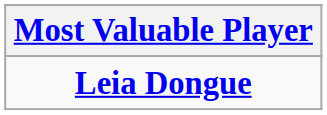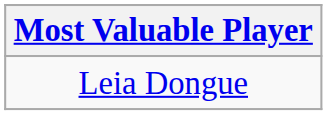 <table class=wikitable style="text-align:center; margin:auto">
 <tr>
 <th><a href='#'>Most Valuable Player</a></th>
 </tr>
 <tr>
-<td><strong> <a href='#'>Leia Dongue</a></strong></td>
+<td> <a href='#'>Leia Dongue</a></td>
 </tr>
 </table>
